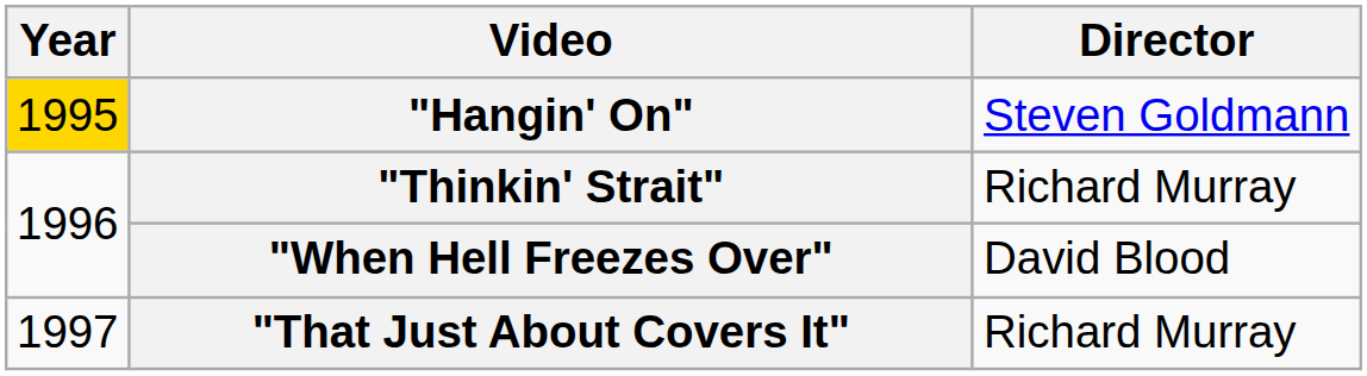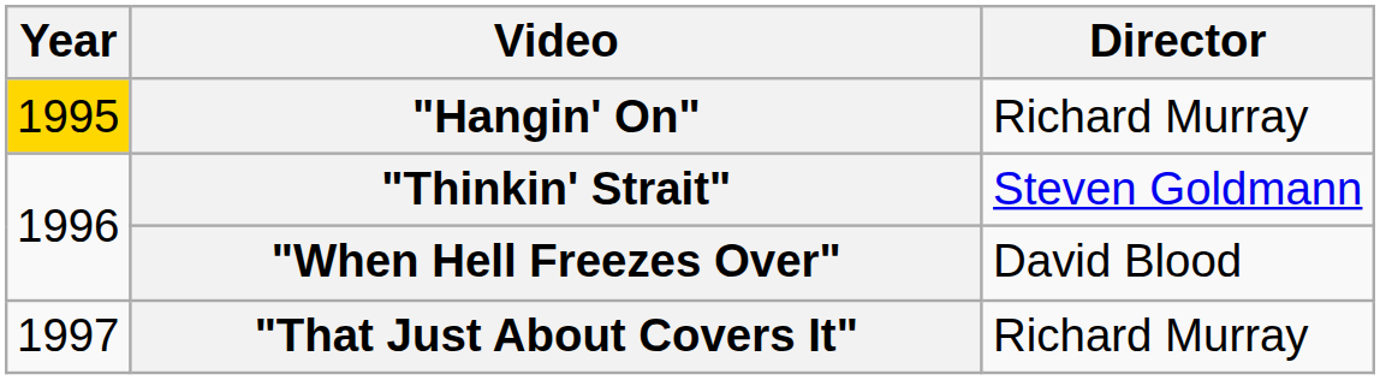 <table class="wikitable plainrowheaders">
 <tr>
 <th>Year</th>
 <th style="width:18em;">Video</th>
 <th>Director</th>
 </tr>
 <tr>
 <td style="background: gold;">1995</td>
 <th scope="row">"Hangin' On"</th>
-<td><a href='#'>Steven Goldmann</a></td>
+<td>Richard Murray</td>
 </tr>
 <tr>
 <td rowspan="2">1996</td>
 <th scope="row">"Thinkin' Strait"</th>
-<td>Richard Murray</td>
+<td><a href='#'>Steven Goldmann</a></td>
 </tr>
 <tr>
 <th scope="row">"When Hell Freezes Over"</th>
 <td>David Blood</td>
 </tr>
 <tr>
 <td>1997</td>
 <th scope="row">"That Just About Covers It"</th>
 <td>Richard Murray</td>
 </tr>
 </table>
